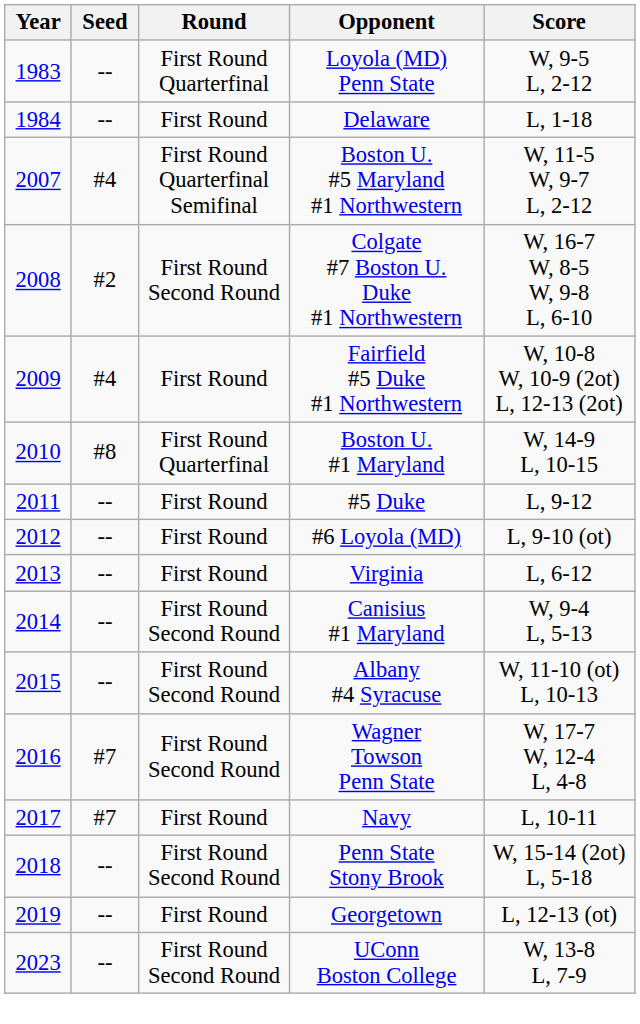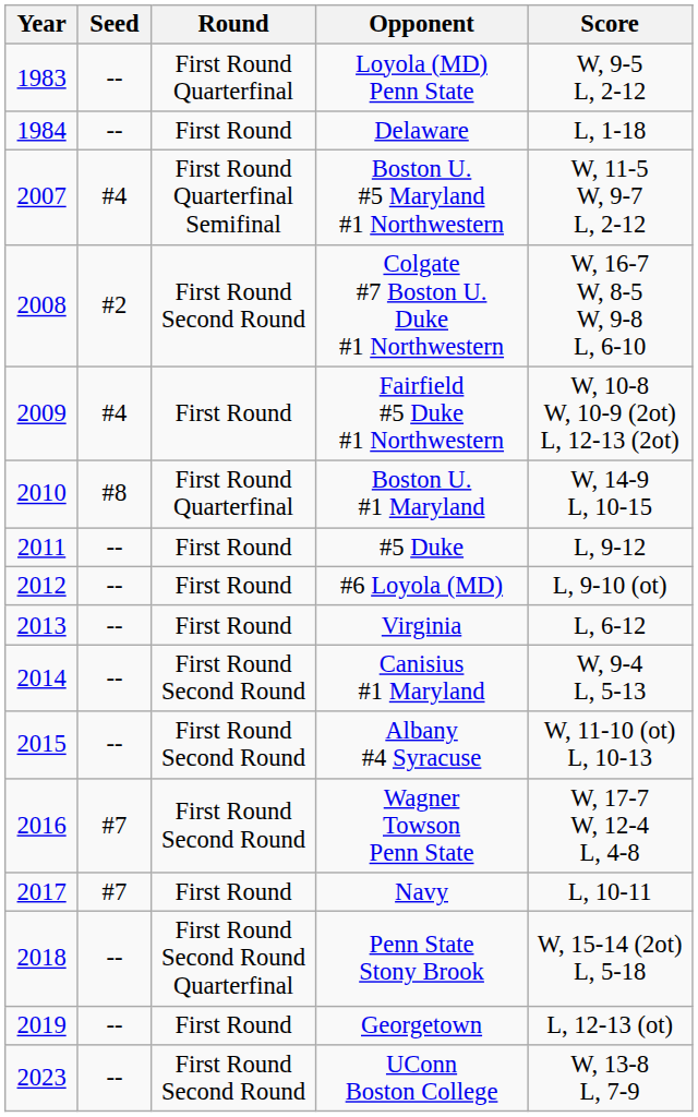 <table class="wikitable">
 <tr>
 <th style="width:40px; ">Year</th>
 <th style="width:40px; ">Seed</th>
 <th style="width:100px; ">Round</th>
 <th style="width:130px; ">Opponent</th>
 <th style="width:100px; ">Score</th>
 </tr>
 <tr align="center">
 <td><a href='#'>1983</a></td>
 <td>--</td>
 <td>First Round<br>Quarterfinal</td>
 <td><a href='#'>Loyola (MD)</a><br><a href='#'>Penn State</a></td>
 <td>W, 9-5<br>L, 2-12</td>
 </tr>
 <tr align="center">
 <td><a href='#'>1984</a></td>
 <td>--</td>
 <td>First Round</td>
 <td><a href='#'>Delaware</a></td>
 <td>L, 1-18</td>
 </tr>
 <tr align="center">
 <td><a href='#'>2007</a></td>
 <td>#4</td>
 <td>First Round<br>Quarterfinal<br>Semifinal</td>
 <td><a href='#'>Boston U.</a><br>#5 <a href='#'>Maryland</a><br>#1 <a href='#'>Northwestern</a></td>
 <td>W, 11-5<br>W, 9-7<br>L, 2-12</td>
 </tr>
 <tr align="center">
 <td><a href='#'>2008</a></td>
 <td>#2</td>
 <td>First Round<br>Second Round</td>
 <td><a href='#'>Colgate</a><br>#7 <a href='#'>Boston U.</a><br><a href='#'>Duke</a><br>#1 <a href='#'>Northwestern</a></td>
 <td>W, 16-7<br>W, 8-5<br>W, 9-8<br>L, 6-10</td>
 </tr>
 <tr align="center">
 <td><a href='#'>2009</a></td>
 <td>#4</td>
 <td>First Round</td>
 <td><a href='#'>Fairfield</a><br>#5 <a href='#'>Duke</a><br>#1 <a href='#'>Northwestern</a></td>
 <td>W, 10-8<br>W, 10-9 (2ot)<br>L, 12-13 (2ot)</td>
 </tr>
 <tr align="center">
 <td><a href='#'>2010</a></td>
 <td>#8</td>
 <td>First Round<br>Quarterfinal</td>
 <td><a href='#'>Boston U.</a><br>#1 <a href='#'>Maryland</a></td>
 <td>W, 14-9<br>L, 10-15</td>
 </tr>
 <tr align="center">
 <td><a href='#'>2011</a></td>
 <td>--</td>
 <td>First Round</td>
 <td>#5 <a href='#'>Duke</a></td>
 <td>L, 9-12</td>
 </tr>
 <tr align="center">
 <td><a href='#'>2012</a></td>
 <td>--</td>
 <td>First Round</td>
 <td>#6 <a href='#'>Loyola (MD)</a></td>
 <td>L, 9-10 (ot)</td>
 </tr>
 <tr align="center">
 <td><a href='#'>2013</a></td>
 <td>--</td>
 <td>First Round</td>
 <td><a href='#'>Virginia</a></td>
 <td>L, 6-12</td>
 </tr>
 <tr align="center">
 <td><a href='#'>2014</a></td>
 <td>--</td>
 <td>First Round<br>Second Round</td>
 <td><a href='#'>Canisius</a><br>#1 <a href='#'>Maryland</a></td>
 <td>W, 9-4<br>L, 5-13</td>
 </tr>
 <tr align="center">
 <td><a href='#'>2015</a></td>
 <td>--</td>
 <td>First Round<br>Second Round</td>
 <td><a href='#'>Albany</a><br>#4 <a href='#'>Syracuse</a></td>
 <td>W, 11-10 (ot)<br>L, 10-13</td>
 </tr>
 <tr align="center">
 <td><a href='#'>2016</a></td>
 <td>#7</td>
 <td>First Round<br>Second Round</td>
 <td><a href='#'>Wagner</a><br><a href='#'>Towson</a><br><a href='#'>Penn State</a></td>
 <td>W, 17-7<br>W, 12-4<br>L, 4-8</td>
 </tr>
 <tr align="center">
 <td><a href='#'>2017</a></td>
 <td>#7</td>
 <td>First Round</td>
 <td><a href='#'>Navy</a></td>
 <td>L, 10-11</td>
 </tr>
 <tr align="center">
 <td><a href='#'>2018</a></td>
 <td>--</td>
-<td>First Round<br>Second Round</td>
+<td>First Round<br>Second Round<br>Quarterfinal</td>
 <td><a href='#'>Penn State</a><br><a href='#'>Stony Brook</a></td>
 <td>W, 15-14 (2ot)<br>L, 5-18</td>
 </tr>
 <tr align="center">
 <td><a href='#'>2019</a></td>
 <td>--</td>
 <td>First Round</td>
 <td><a href='#'>Georgetown</a></td>
 <td>L, 12-13 (ot)</td>
 </tr>
 <tr align="center">
 <td><a href='#'>2023</a></td>
 <td>--</td>
 <td>First Round<br>Second Round</td>
 <td><a href='#'>UConn</a><br><a href='#'>Boston College</a></td>
 <td>W, 13-8<br>L, 7-9</td>
 </tr>
 </table>
